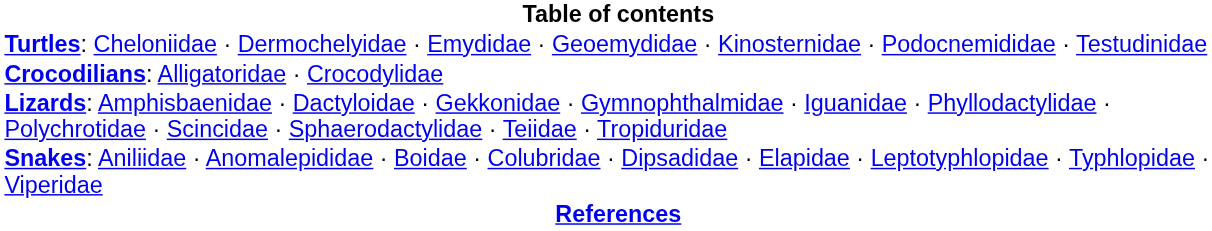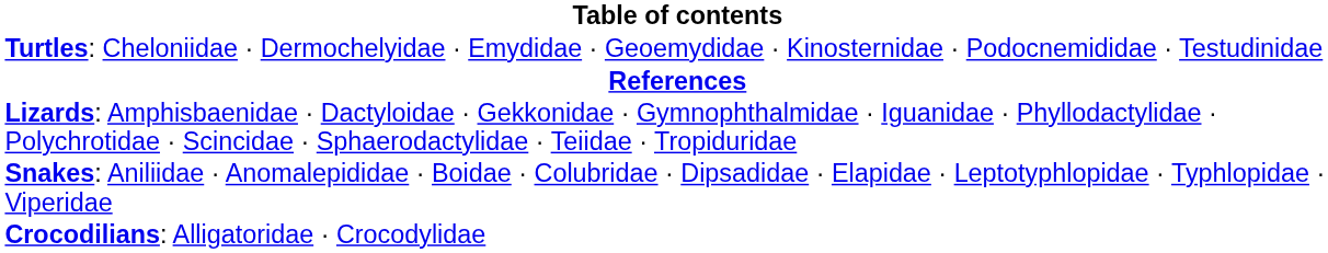 <table class="toccolours" style="margin:0 auto; width:55em; clear:both;">
 <tr>
 <th>Table of contents</th>
 </tr>
 <tr>
 <td style="padding:0 2% 0 2%; text-align:left;"><strong><a href='#'>Turtles</a></strong>: <a href='#'>Cheloniidae</a> · <a href='#'>Dermochelyidae</a> · <a href='#'>Emydidae</a> · <a href='#'>Geoemydidae</a> · <a href='#'>Kinosternidae</a> · <a href='#'>Podocnemididae</a> · <a href='#'>Testudinidae</a></td>
 </tr>
 <tr>
-<td style="padding:0 2% 0 2%; text-align:left;"><strong><a href='#'>Crocodilians</a></strong>: <a href='#'>Alligatoridae</a> · <a href='#'>Crocodylidae</a></td>
+<td style="padding:0 2% 0 2%; text-align:center;"><strong><a href='#'>References</a></strong></td>
 </tr>
 <tr>
 <td style="padding:0 2% 0 2%; text-align:left;"><strong><a href='#'>Lizards</a></strong>: <a href='#'>Amphisbaenidae</a> · <a href='#'>Dactyloidae</a> · <a href='#'>Gekkonidae</a> · <a href='#'>Gymnophthalmidae</a> · <a href='#'>Iguanidae</a> · <a href='#'>Phyllodactylidae</a> · <a href='#'>Polychrotidae</a> · <a href='#'>Scincidae</a> · <a href='#'>Sphaerodactylidae</a> · <a href='#'>Teiidae</a> · <a href='#'>Tropiduridae</a></td>
 </tr>
 <tr>
 <td style="padding:0 2% 0 2%; text-align:left;"><strong><a href='#'>Snakes</a></strong>: <a href='#'>Aniliidae</a> · <a href='#'>Anomalepididae</a> · <a href='#'>Boidae</a> · <a href='#'>Colubridae</a> · <a href='#'>Dipsadidae</a> · <a href='#'>Elapidae</a> · <a href='#'>Leptotyphlopidae</a> · <a href='#'>Typhlopidae</a> · <a href='#'>Viperidae</a></td>
 </tr>
 <tr>
-<td style="padding:0 2% 0 2%; text-align:center;"><strong><a href='#'>References</a></strong></td>
+<td style="padding:0 2% 0 2%; text-align:left;"><strong><a href='#'>Crocodilians</a></strong>: <a href='#'>Alligatoridae</a> · <a href='#'>Crocodylidae</a></td>
 </tr>
 </table>
